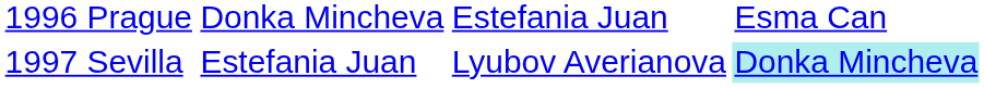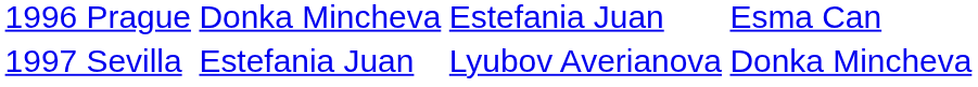 <table>
 <tr>
 <td><a href='#'>1996 Prague</a></td>
 <td> <a href='#'>Donka Mincheva</a></td>
 <td> <a href='#'>Estefania Juan</a></td>
 <td> <a href='#'>Esma Can</a></td>
 </tr>
 <tr>
 <td><a href='#'>1997 Sevilla</a></td>
 <td> <a href='#'>Estefania Juan</a></td>
 <td> <a href='#'>Lyubov Averianova</a></td>
-<td style="background: paleturquoise;"> <a href='#'>Donka Mincheva</a></td>
+<td> <a href='#'>Donka Mincheva</a></td>
 </tr>
 </table>
